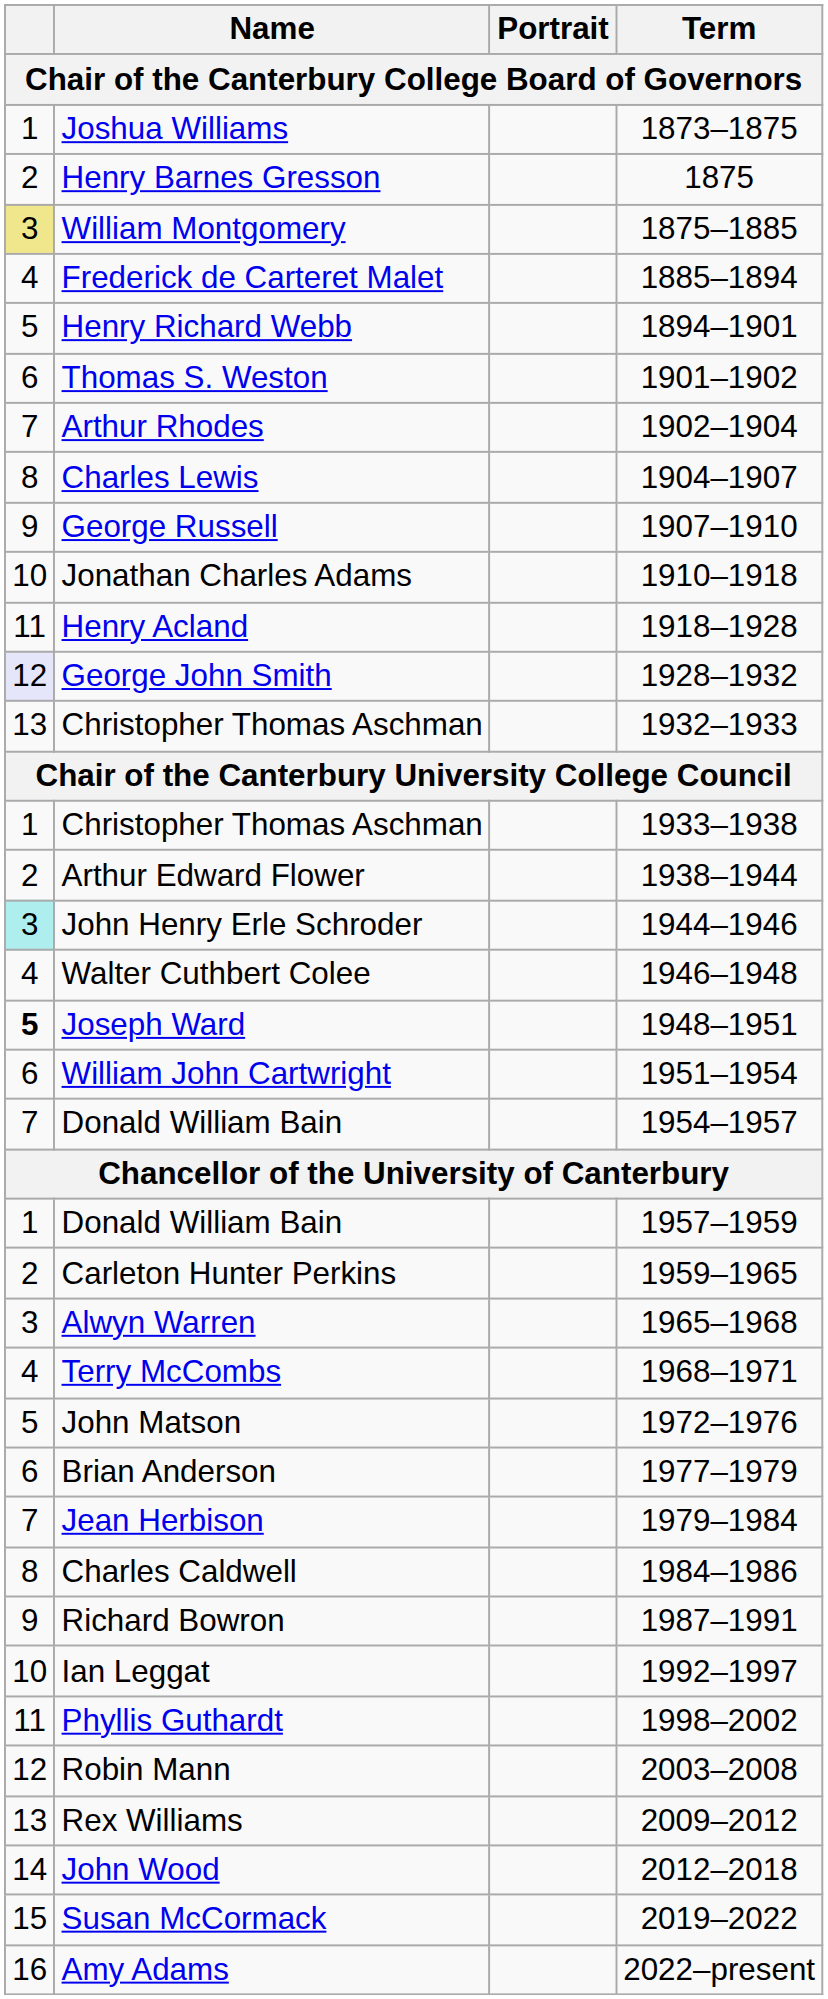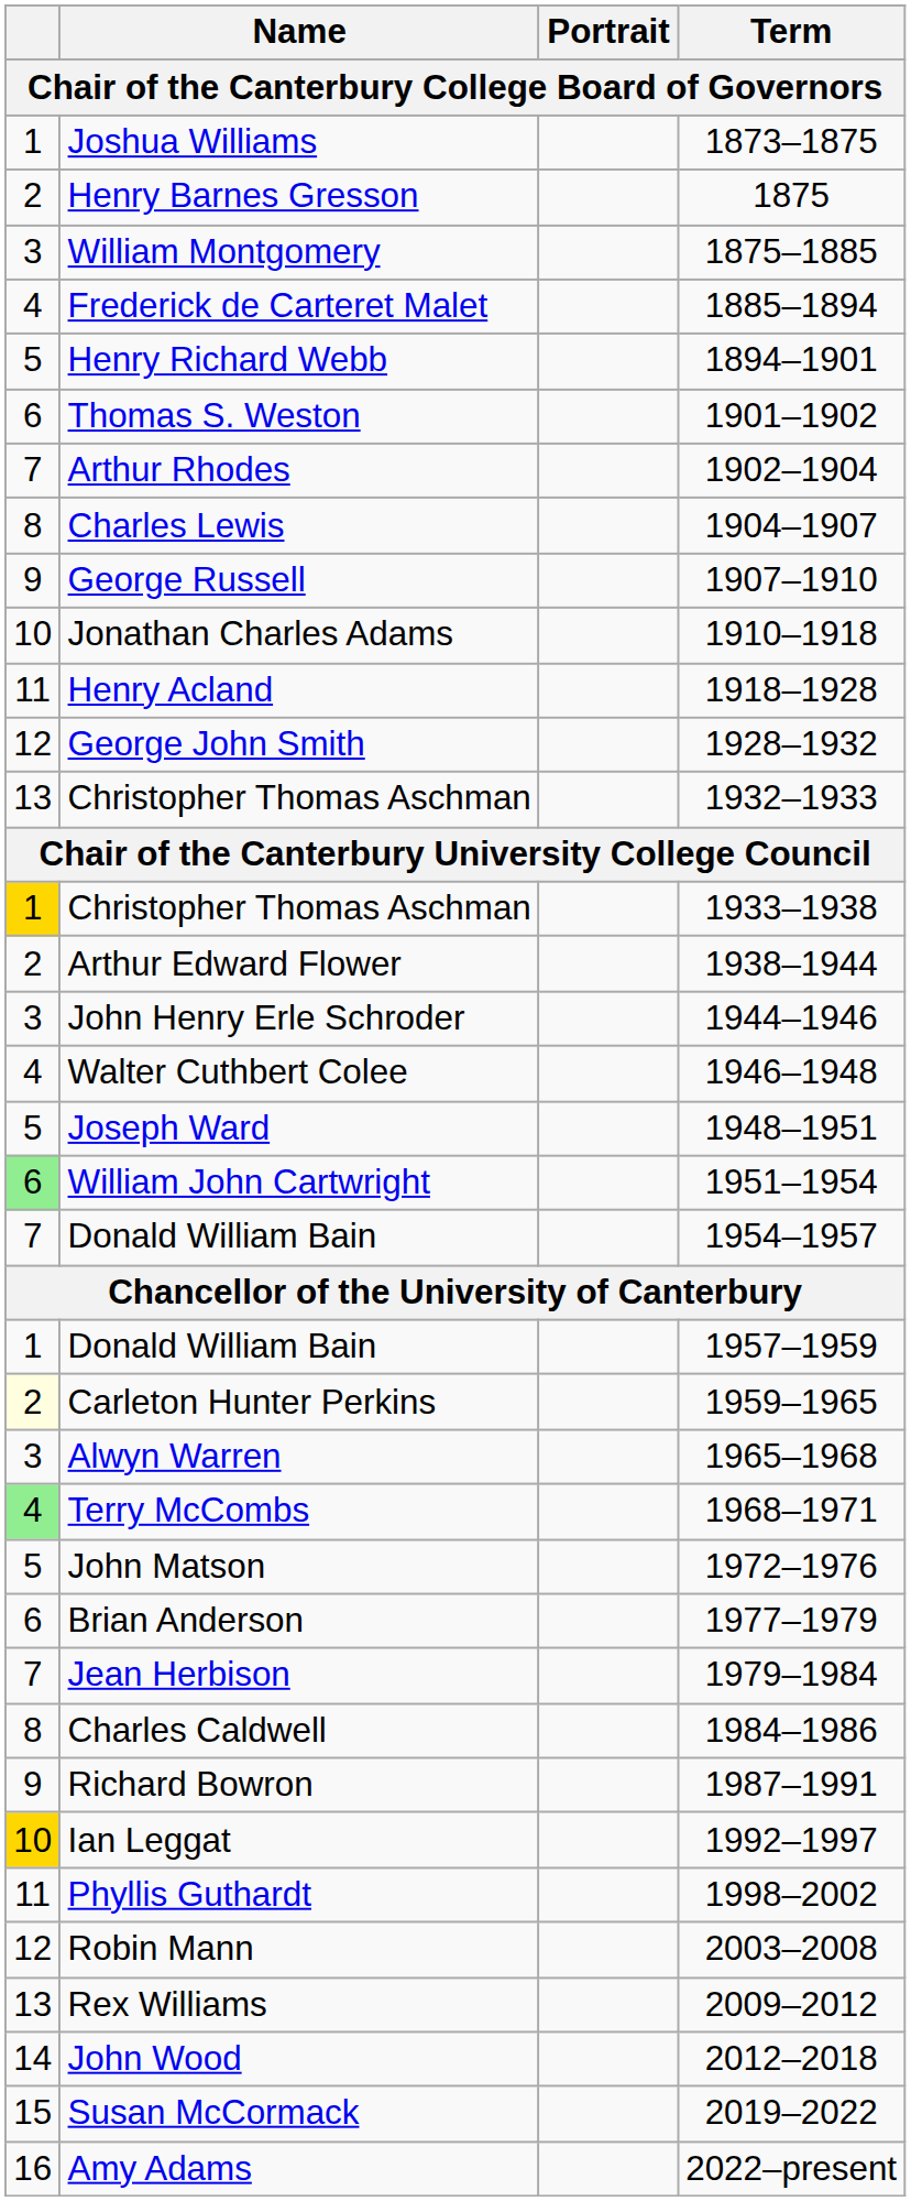 <table class="wikitable">
 <tr>
 <th></th>
 <th>Name</th>
 <th>Portrait</th>
 <th>Term</th>
 </tr>
 <tr>
 <th colspan=4>Chair of the Canterbury College Board of Governors</th>
 </tr>
 <tr>
 <td align=center>1</td>
 <td><a href='#'>Joshua Williams</a></td>
 <td></td>
 <td align=center>1873–1875</td>
 </tr>
 <tr>
 <td align=center>2</td>
 <td><a href='#'>Henry Barnes Gresson</a></td>
 <td></td>
 <td align=center>1875</td>
 </tr>
 <tr>
-<td align=center style="background: khaki;">3</td>
+<td align=center>3</td>
 <td><a href='#'>William Montgomery</a></td>
 <td></td>
 <td align=center>1875–1885</td>
 </tr>
 <tr>
 <td align=center>4</td>
 <td><a href='#'>Frederick de Carteret Malet</a></td>
 <td></td>
 <td align=center>1885–1894</td>
 </tr>
 <tr>
 <td align=center>5</td>
 <td><a href='#'>Henry Richard Webb</a></td>
 <td></td>
 <td align=center>1894–1901</td>
 </tr>
 <tr>
 <td align=center>6</td>
 <td><a href='#'>Thomas S. Weston</a></td>
 <td></td>
 <td align=center>1901–1902</td>
 </tr>
 <tr>
 <td align=center>7</td>
 <td><a href='#'>Arthur Rhodes</a></td>
 <td></td>
 <td align=center>1902–1904</td>
 </tr>
 <tr>
 <td align=center>8</td>
 <td><a href='#'>Charles Lewis</a></td>
 <td></td>
 <td align=center>1904–1907</td>
 </tr>
 <tr>
 <td align=center>9</td>
 <td><a href='#'>George Russell</a></td>
 <td></td>
 <td align=center>1907–1910</td>
 </tr>
 <tr>
 <td align=center>10</td>
 <td>Jonathan Charles Adams</td>
 <td></td>
 <td align=center>1910–1918</td>
 </tr>
 <tr>
 <td align=center>11</td>
 <td><a href='#'>Henry Acland</a></td>
 <td></td>
 <td align=center>1918–1928</td>
 </tr>
 <tr>
-<td align=center style="background: lavender;">12</td>
+<td align=center>12</td>
 <td><a href='#'>George John Smith</a></td>
 <td></td>
 <td align=center>1928–1932</td>
 </tr>
 <tr>
 <td align=center>13</td>
 <td>Christopher Thomas Aschman</td>
 <td></td>
 <td align=center>1932–1933</td>
 </tr>
 <tr>
 <th colspan=4>Chair of the Canterbury University College Council</th>
 </tr>
 <tr>
-<td align=center>1</td>
+<td align=center style="background: gold;">1</td>
 <td>Christopher Thomas Aschman</td>
 <td></td>
 <td align=center>1933–1938</td>
 </tr>
 <tr>
 <td align=center>2</td>
 <td>Arthur Edward Flower</td>
 <td></td>
 <td align=center>1938–1944</td>
 </tr>
 <tr>
-<td align=center style="background: paleturquoise;">3</td>
+<td align=center>3</td>
 <td>John Henry Erle Schroder</td>
 <td></td>
 <td align=center>1944–1946</td>
 </tr>
 <tr>
 <td align=center>4</td>
 <td>Walter Cuthbert Colee</td>
 <td></td>
 <td align=center>1946–1948</td>
 </tr>
 <tr>
-<td align=center><strong>5</strong></td>
+<td align=center>5</td>
 <td><a href='#'>Joseph Ward</a></td>
 <td></td>
 <td align=center>1948–1951</td>
 </tr>
 <tr>
-<td align=center>6</td>
+<td align=center style="background: lightgreen;">6</td>
 <td><a href='#'>William John Cartwright</a></td>
 <td></td>
 <td align=center>1951–1954</td>
 </tr>
 <tr>
 <td align=center>7</td>
 <td>Donald William Bain</td>
 <td></td>
 <td align=center>1954–1957</td>
 </tr>
 <tr>
 <th colspan=4>Chancellor of the University of Canterbury</th>
 </tr>
 <tr>
 <td align=center>1</td>
 <td>Donald William Bain</td>
 <td></td>
 <td align=center>1957–1959</td>
 </tr>
 <tr>
-<td align=center>2</td>
+<td align=center style="background: lightyellow;">2</td>
 <td>Carleton Hunter Perkins</td>
 <td></td>
 <td align=center>1959–1965</td>
 </tr>
 <tr>
 <td align=center>3</td>
 <td><a href='#'>Alwyn Warren</a></td>
 <td></td>
 <td align=center>1965–1968</td>
 </tr>
 <tr>
-<td align=center>4</td>
+<td align=center style="background: lightgreen;">4</td>
 <td><a href='#'>Terry McCombs</a></td>
 <td></td>
 <td align=center>1968–1971</td>
 </tr>
 <tr>
 <td align=center>5</td>
 <td>John Matson</td>
 <td></td>
 <td align=center>1972–1976</td>
 </tr>
 <tr>
 <td align=center>6</td>
 <td>Brian Anderson</td>
 <td></td>
 <td align=center>1977–1979</td>
 </tr>
 <tr>
 <td align=center>7</td>
 <td><a href='#'>Jean Herbison</a></td>
 <td></td>
 <td align=center>1979–1984</td>
 </tr>
 <tr>
 <td align=center>8</td>
 <td>Charles Caldwell</td>
 <td></td>
 <td align=center>1984–1986</td>
 </tr>
 <tr>
 <td align=center>9</td>
 <td>Richard Bowron</td>
 <td></td>
 <td align=center>1987–1991</td>
 </tr>
 <tr>
-<td align=center>10</td>
+<td align=center style="background: gold;">10</td>
 <td>Ian Leggat</td>
 <td></td>
 <td align=center>1992–1997</td>
 </tr>
 <tr>
 <td align=center>11</td>
 <td><a href='#'>Phyllis Guthardt</a></td>
 <td></td>
 <td align=center>1998–2002</td>
 </tr>
 <tr>
 <td align=center>12</td>
 <td>Robin Mann</td>
 <td></td>
 <td align=center>2003–2008</td>
 </tr>
 <tr>
 <td align=center>13</td>
 <td>Rex Williams</td>
 <td></td>
 <td align=center>2009–2012</td>
 </tr>
 <tr>
 <td align=center>14</td>
 <td><a href='#'>John Wood</a></td>
 <td></td>
 <td align=center>2012–2018</td>
 </tr>
 <tr>
 <td align=center>15</td>
 <td><a href='#'>Susan McCormack</a></td>
 <td></td>
 <td align="center">2019–2022</td>
 </tr>
 <tr>
 <td>16</td>
 <td><a href='#'>Amy Adams</a></td>
 <td></td>
 <td>2022–present</td>
 </tr>
 </table>
